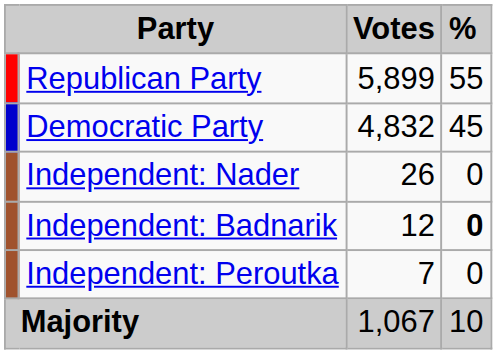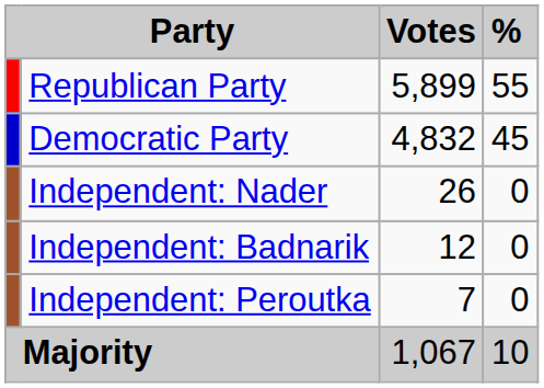 <table class="wikitable">
 <tr bgcolor="CCCCCC">
 <td colspan="2" rowspan="1" align="center" valign="top"><strong>Party</strong></td>
 <td valign="top"><strong>Votes</strong></td>
 <td valign="top"><strong>%</strong></td>
 </tr>
 <tr>
 <td style="color:inherit;background:#ff0000"></td>
 <td><a href='#'>Republican Party</a></td>
 <td align="right">5,899</td>
 <td align="right">55</td>
 </tr>
 <tr>
 <td style="color:inherit;background:#0000cd"></td>
 <td><a href='#'>Democratic Party</a></td>
 <td align="right">4,832</td>
 <td align="right">45</td>
 </tr>
 <tr>
 <td style="color:inherit;background:#a0522d"></td>
 <td><a href='#'>Independent: Nader</a></td>
 <td align="right">26</td>
 <td align="right">0</td>
 </tr>
 <tr>
 <td style="color:inherit;background:#a0522d"></td>
 <td><a href='#'>Independent: Badnarik</a></td>
 <td align="right">12</td>
-<td align="right"><strong>0</strong></td>
+<td align="right">0</td>
 </tr>
 <tr>
 <td style="color:inherit;background:#a0522d"></td>
 <td><a href='#'>Independent: Peroutka</a></td>
 <td align="right">7</td>
 <td align="right">0</td>
 </tr>
 <tr bgcolor="CCCCCC">
 <td colspan="2" rowspan="1"> <strong>Majority</strong></td>
 <td align="right">1,067</td>
 <td align="right">10</td>
 </tr>
 </table>
